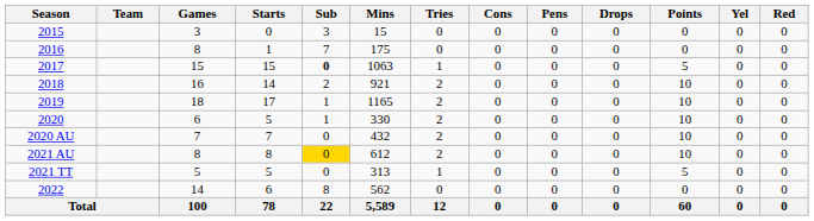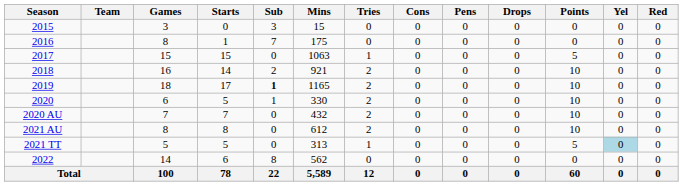 <table class="wikitable" style="text-align:center; line-height:90%; font-size:95%; width:60%;">
 <tr>
 <th>Season</th>
 <th>Team</th>
 <th>Games</th>
 <th>Starts</th>
 <th>Sub</th>
 <th>Mins</th>
 <th>Tries</th>
 <th>Cons</th>
 <th>Pens</th>
 <th>Drops</th>
 <th>Points</th>
 <th>Yel</th>
 <th>Red</th>
 </tr>
 <tr>
 <td><a href='#'>2015</a></td>
 <td></td>
 <td>3</td>
 <td>0</td>
 <td>3</td>
 <td>15</td>
 <td>0</td>
 <td>0</td>
 <td>0</td>
 <td>0</td>
 <td>0</td>
 <td>0</td>
 <td>0</td>
 </tr>
 <tr>
 <td><a href='#'>2016</a></td>
 <td></td>
 <td>8</td>
 <td>1</td>
 <td>7</td>
 <td>175</td>
 <td>0</td>
 <td>0</td>
 <td>0</td>
 <td>0</td>
 <td>0</td>
 <td>0</td>
 <td>0</td>
 </tr>
 <tr>
 <td><a href='#'>2017</a></td>
 <td></td>
 <td>15</td>
 <td>15</td>
-<td><strong>0</strong></td>
+<td>0</td>
 <td>1063</td>
 <td>1</td>
 <td>0</td>
 <td>0</td>
 <td>0</td>
 <td>5</td>
 <td>0</td>
 <td>0</td>
 </tr>
 <tr>
 <td><a href='#'>2018</a></td>
 <td></td>
 <td>16</td>
 <td>14</td>
 <td>2</td>
 <td>921</td>
 <td>2</td>
 <td>0</td>
 <td>0</td>
 <td>0</td>
 <td>10</td>
 <td>0</td>
 <td>0</td>
 </tr>
 <tr>
 <td><a href='#'>2019</a></td>
 <td></td>
 <td>18</td>
 <td>17</td>
-<td>1</td>
+<td><strong>1</strong></td>
 <td>1165</td>
 <td>2</td>
 <td>0</td>
 <td>0</td>
 <td>0</td>
 <td>10</td>
 <td>0</td>
 <td>0</td>
 </tr>
 <tr>
 <td><a href='#'>2020</a></td>
 <td></td>
 <td>6</td>
 <td>5</td>
 <td>1</td>
 <td>330</td>
 <td>2</td>
 <td>0</td>
 <td>0</td>
 <td>0</td>
 <td>10</td>
 <td>0</td>
 <td>0</td>
 </tr>
 <tr>
 <td><a href='#'>2020 AU</a></td>
 <td></td>
 <td>7</td>
 <td>7</td>
 <td>0</td>
 <td>432</td>
 <td>2</td>
 <td>0</td>
 <td>0</td>
 <td>0</td>
 <td>10</td>
 <td>0</td>
 <td>0</td>
 </tr>
 <tr>
 <td><a href='#'>2021 AU</a></td>
 <td></td>
 <td>8</td>
 <td>8</td>
-<td style="background: gold;">0</td>
+<td>0</td>
 <td>612</td>
 <td>2</td>
 <td>0</td>
 <td>0</td>
 <td>0</td>
 <td>10</td>
 <td>0</td>
 <td>0</td>
 </tr>
 <tr>
 <td><a href='#'>2021 TT</a></td>
 <td></td>
 <td>5</td>
 <td>5</td>
 <td>0</td>
 <td>313</td>
 <td>1</td>
 <td>0</td>
 <td>0</td>
 <td>0</td>
 <td>5</td>
-<td>0</td>
+<td style="background: lightblue;">0</td>
 <td>0</td>
 </tr>
 <tr>
 <td><a href='#'>2022</a></td>
 <td></td>
 <td>14</td>
 <td>6</td>
 <td>8</td>
 <td>562</td>
 <td>0</td>
 <td>0</td>
 <td>0</td>
 <td>0</td>
 <td>0</td>
 <td>0</td>
 <td>0</td>
 </tr>
 <tr>
 <th colspan="2">Total</th>
 <th>100</th>
 <th>78</th>
 <th>22</th>
 <th>5,589</th>
 <th>12</th>
 <th>0</th>
 <th>0</th>
 <th>0</th>
 <th>60</th>
 <th>0</th>
 <th>0</th>
 </tr>
 </table>
